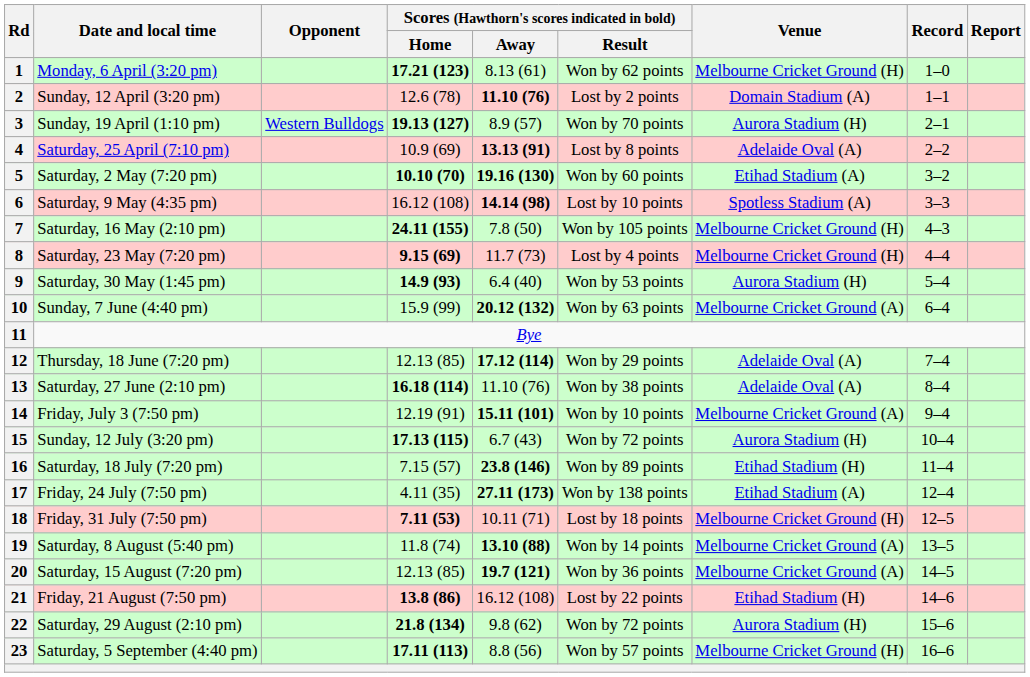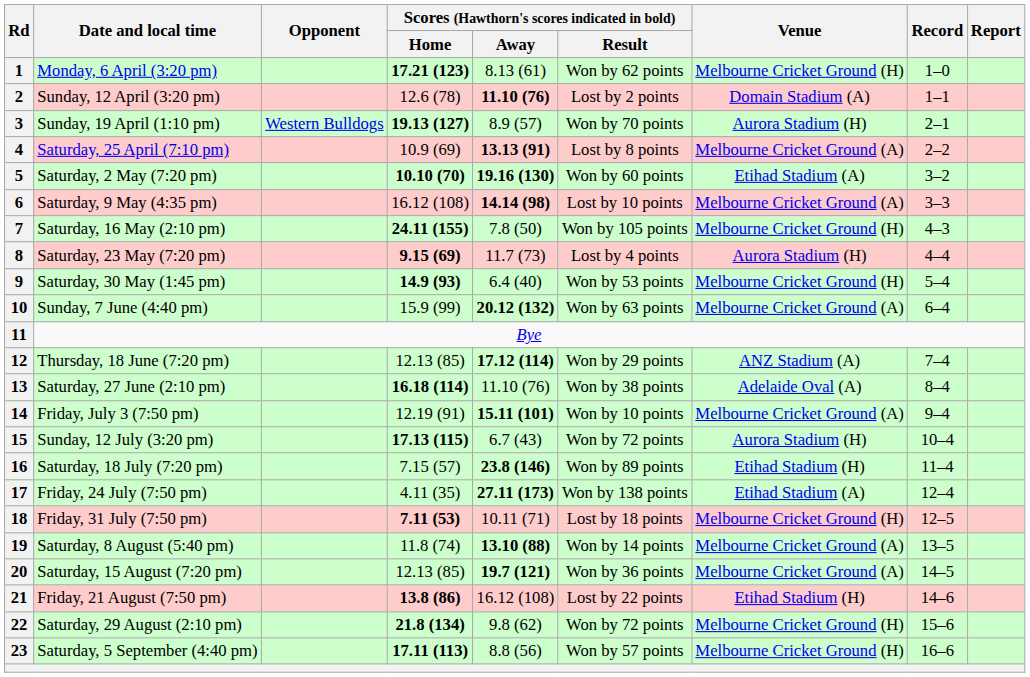 <table class="wikitable" style="text-align:center">
 <tr>
 <th rowspan="2">Rd</th>
 <th rowspan="2">Date and local time</th>
 <th rowspan="2:">Opponent</th>
 <th colspan="3">Scores <small>(Hawthorn's scores indicated in bold)</small></th>
 <th rowspan="2">Venue</th>
 <th rowspan="2">Record</th>
 <th rowspan="2">Report</th>
 </tr>
 <tr>
 <th>Home</th>
 <th>Away</th>
 <th>Result</th>
 </tr>
 <tr style="background:#cfc">
 <th>1</th>
 <td align=left><a href='#'>Monday, 6 April (3:20 pm)</a></td>
 <td align=left></td>
 <td><strong>17.21 (123)</strong></td>
 <td>8.13 (61)</td>
 <td>Won by 62 points</td>
 <td><a href='#'>Melbourne Cricket Ground</a> (H)</td>
 <td>1–0</td>
 <td></td>
 </tr>
 <tr style="background:#fcc;">
 <th>2</th>
 <td align=left>Sunday, 12 April (3:20 pm)</td>
 <td align=left></td>
 <td>12.6 (78)</td>
 <td><strong>11.10 (76)</strong></td>
 <td>Lost by 2 points</td>
 <td><a href='#'>Domain Stadium</a> (A)</td>
 <td>1–1</td>
 <td></td>
 </tr>
 <tr style="background:#cfc">
 <th>3</th>
 <td align=left>Sunday, 19 April (1:10 pm)</td>
 <td align=left><a href='#'>Western Bulldogs</a></td>
 <td><strong>19.13 (127)</strong></td>
 <td>8.9 (57)</td>
 <td>Won by 70 points</td>
 <td><a href='#'>Aurora Stadium</a> (H)</td>
 <td>2–1</td>
 <td></td>
 </tr>
 <tr style="background:#fcc;">
 <th>4</th>
 <td align=left><a href='#'>Saturday, 25 April (7:10 pm)</a></td>
 <td align=left></td>
 <td>10.9 (69)</td>
 <td><strong>13.13 (91)</strong></td>
 <td>Lost by 8 points</td>
-<td><a href='#'>Adelaide Oval</a> (A)</td>
+<td><a href='#'>Melbourne Cricket Ground</a> (A)</td>
 <td>2–2</td>
 <td></td>
 </tr>
 <tr style="background:#cfc">
 <th>5</th>
 <td align=left>Saturday, 2 May (7:20 pm)</td>
 <td align=left></td>
 <td><strong>10.10 (70)</strong></td>
 <td><strong>19.16 (130)</strong></td>
 <td>Won by 60 points</td>
 <td><a href='#'>Etihad Stadium</a> (A)</td>
 <td>3–2</td>
 <td></td>
 </tr>
 <tr style="background:#fcc;">
 <th>6</th>
 <td align=left>Saturday, 9 May (4:35 pm)</td>
 <td align=left></td>
 <td>16.12 (108)</td>
 <td><strong>14.14 (98)</strong></td>
 <td>Lost by 10 points</td>
-<td><a href='#'>Spotless Stadium</a> (A)</td>
+<td><a href='#'>Melbourne Cricket Ground</a> (A)</td>
 <td>3–3</td>
 <td></td>
 </tr>
 <tr style="background:#cfc">
 <th>7</th>
 <td align=left>Saturday, 16 May (2:10 pm)</td>
 <td align=left></td>
 <td><strong>24.11 (155)</strong></td>
 <td>7.8 (50)</td>
 <td>Won by 105 points</td>
 <td><a href='#'>Melbourne Cricket Ground</a> (H)</td>
 <td>4–3</td>
 <td></td>
 </tr>
 <tr style="background:#fcc;">
 <th>8</th>
 <td align=left>Saturday, 23 May (7:20 pm)</td>
 <td align=left></td>
 <td><strong>9.15 (69)</strong></td>
 <td>11.7 (73)</td>
 <td>Lost by 4 points</td>
-<td><a href='#'>Melbourne Cricket Ground</a> (H)</td>
+<td><a href='#'>Aurora Stadium</a> (H)</td>
 <td>4–4</td>
 <td></td>
 </tr>
 <tr style="background:#cfc">
 <th>9</th>
 <td align=left>Saturday, 30 May (1:45 pm)</td>
 <td align=left></td>
 <td><strong>14.9 (93)</strong></td>
 <td>6.4 (40)</td>
 <td>Won by 53 points</td>
-<td><a href='#'>Aurora Stadium</a> (H)</td>
+<td><a href='#'>Melbourne Cricket Ground</a> (H)</td>
 <td>5–4</td>
 <td></td>
 </tr>
 <tr style="background:#cfc">
 <th>10</th>
 <td align=left>Sunday, 7 June (4:40 pm)</td>
 <td align=left></td>
 <td>15.9 (99)</td>
 <td><strong>20.12 (132)</strong></td>
 <td>Won by 63 points</td>
 <td><a href='#'>Melbourne Cricket Ground</a> (A)</td>
 <td>6–4</td>
 <td></td>
 </tr>
 <tr>
 <th>11</th>
 <td colspan="9"><em><a href='#'>Bye</a></em></td>
 </tr>
 <tr style="background:#cfc">
 <th>12</th>
 <td align=left>Thursday, 18 June (7:20 pm)</td>
 <td align=left></td>
 <td>12.13 (85)</td>
 <td><strong>17.12 (114)</strong></td>
 <td>Won by 29 points</td>
-<td><a href='#'>Adelaide Oval</a> (A)</td>
+<td><a href='#'>ANZ Stadium</a> (A)</td>
 <td>7–4</td>
 <td></td>
 </tr>
 <tr style="background:#cfc">
 <th>13</th>
 <td align=left>Saturday, 27 June (2:10 pm)</td>
 <td align=left></td>
 <td><strong>16.18 (114)</strong></td>
 <td>11.10 (76)</td>
 <td>Won by 38 points</td>
 <td><a href='#'>Adelaide Oval</a> (A)</td>
 <td>8–4</td>
 <td></td>
 </tr>
 <tr style="background:#cfc">
 <th>14</th>
 <td align=left>Friday, July 3 (7:50 pm)</td>
 <td align=left></td>
 <td>12.19 (91)</td>
 <td><strong>15.11 (101)</strong></td>
 <td>Won by 10 points</td>
 <td><a href='#'>Melbourne Cricket Ground</a> (A)</td>
 <td>9–4</td>
 <td></td>
 </tr>
 <tr style="background:#cfc">
 <th>15</th>
 <td align=left>Sunday, 12 July (3:20 pm)</td>
 <td align=left></td>
 <td><strong>17.13 (115)</strong></td>
 <td>6.7 (43)</td>
 <td>Won by 72 points</td>
 <td><a href='#'>Aurora Stadium</a> (H)</td>
 <td>10–4</td>
 <td></td>
 </tr>
 <tr style="background:#cfc">
 <th>16</th>
 <td align=left>Saturday, 18 July (7:20 pm)</td>
 <td align=left></td>
 <td>7.15 (57)</td>
 <td><strong>23.8 (146)</strong></td>
 <td>Won by 89 points</td>
 <td><a href='#'>Etihad Stadium</a> (H)</td>
 <td>11–4</td>
 <td></td>
 </tr>
 <tr style="background:#cfc">
 <th>17</th>
 <td align=left>Friday, 24 July (7:50 pm)</td>
 <td align=left></td>
 <td>4.11 (35)</td>
 <td><strong>27.11 (173)</strong></td>
 <td>Won by 138 points</td>
 <td><a href='#'>Etihad Stadium</a> (A)</td>
 <td>12–4</td>
 <td></td>
 </tr>
 <tr style="background:#fcc;">
 <th>18</th>
 <td align=left>Friday, 31 July (7:50 pm)</td>
 <td align=left></td>
 <td><strong>7.11 (53)</strong></td>
 <td>10.11 (71)</td>
 <td>Lost by 18 points</td>
 <td><a href='#'>Melbourne Cricket Ground</a> (H)</td>
 <td>12–5</td>
 <td></td>
 </tr>
 <tr style="background:#cfc">
 <th>19</th>
 <td align=left>Saturday, 8 August (5:40 pm)</td>
 <td align=left></td>
 <td>11.8 (74)</td>
 <td><strong>13.10 (88)</strong></td>
 <td>Won by 14 points</td>
 <td><a href='#'>Melbourne Cricket Ground</a> (A)</td>
 <td>13–5</td>
 <td></td>
 </tr>
 <tr style="background:#cfc">
 <th>20</th>
 <td align=left>Saturday, 15 August (7:20 pm)</td>
 <td align=left></td>
 <td>12.13 (85)</td>
 <td><strong>19.7 (121)</strong></td>
 <td>Won by 36 points</td>
 <td><a href='#'>Melbourne Cricket Ground</a> (A)</td>
 <td>14–5</td>
 <td></td>
 </tr>
 <tr style="background:#fcc;">
 <th>21</th>
 <td align=left>Friday, 21 August (7:50 pm)</td>
 <td align=left></td>
 <td><strong>13.8 (86)</strong></td>
 <td>16.12 (108)</td>
 <td>Lost by 22 points</td>
 <td><a href='#'>Etihad Stadium</a> (H)</td>
 <td>14–6</td>
 <td></td>
 </tr>
 <tr style="background:#cfc">
 <th>22</th>
 <td align=left>Saturday, 29 August (2:10 pm)</td>
 <td align=left></td>
 <td><strong>21.8 (134)</strong></td>
 <td>9.8 (62)</td>
 <td>Won by 72 points</td>
-<td><a href='#'>Aurora Stadium</a> (H)</td>
+<td><a href='#'>Melbourne Cricket Ground</a> (H)</td>
 <td>15–6</td>
 <td></td>
 </tr>
 <tr style="background:#cfc">
 <th>23</th>
 <td align=left>Saturday, 5 September (4:40 pm)</td>
 <td align=left></td>
 <td><strong>17.11 (113)</strong></td>
 <td>8.8 (56)</td>
 <td>Won by 57 points</td>
 <td><a href='#'>Melbourne Cricket Ground</a> (H)</td>
 <td>16–6</td>
 <td></td>
 </tr>
 <tr>
 <th colspan="10"></th>
 </tr>
 </table>
